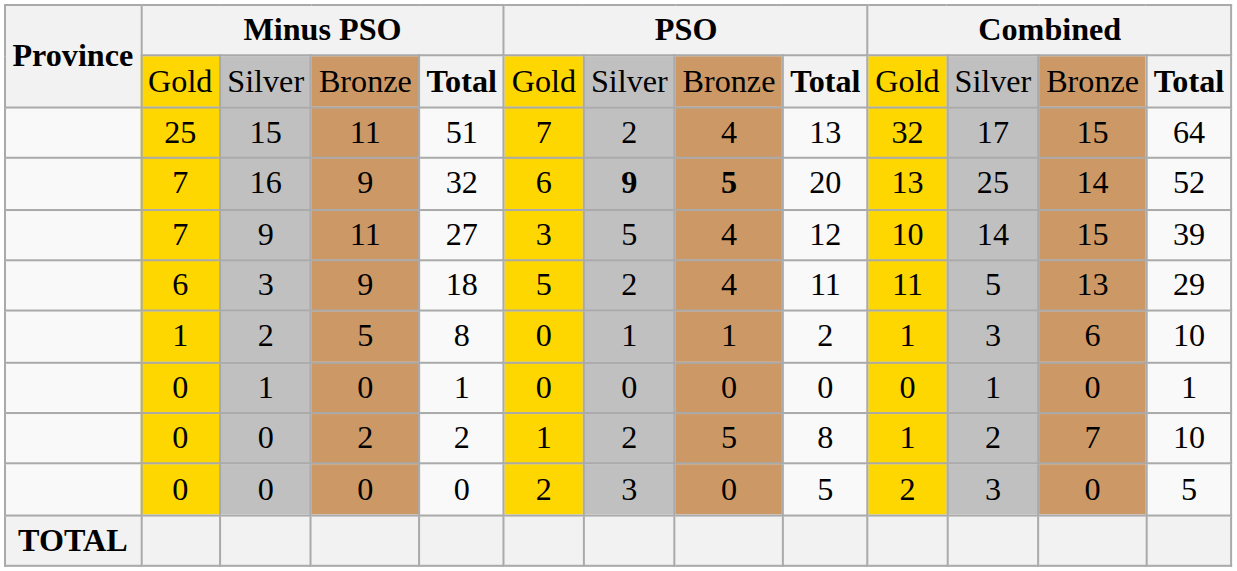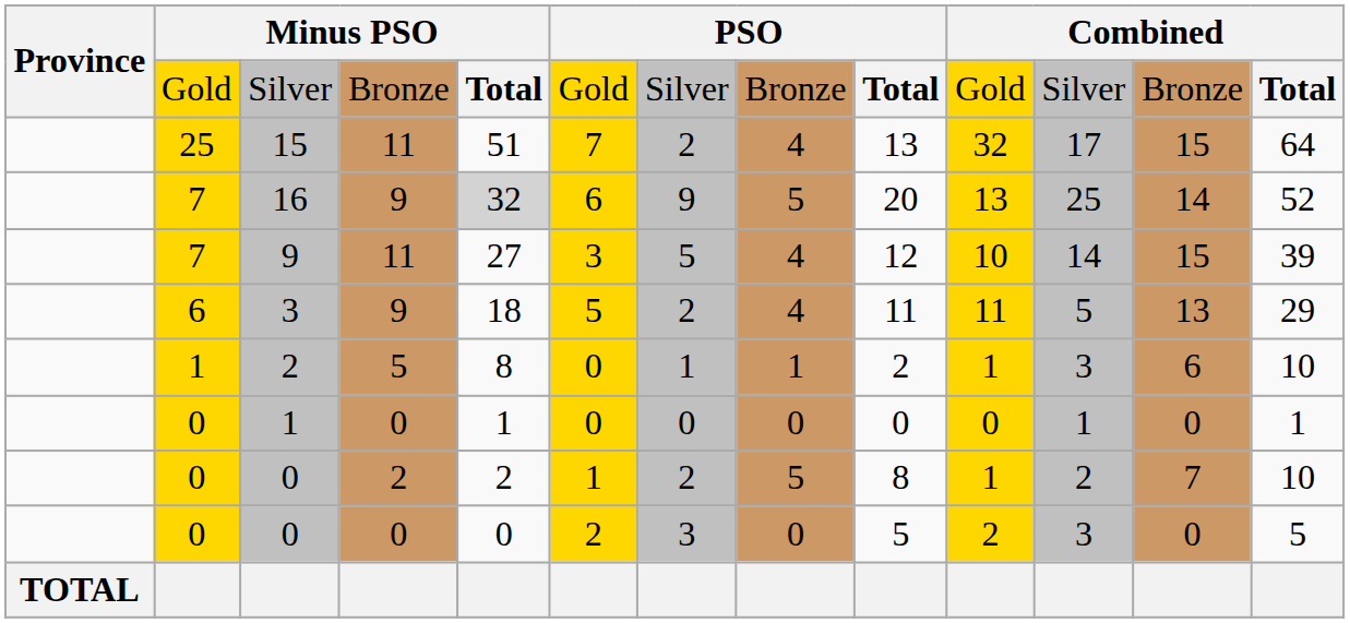 <table class="wikitable" style="text-align:center; font-size:100%">
 <tr>
 <th rowspan=2>Province</th>
 <th colspan=4>Minus PSO</th>
 <th colspan=4>PSO</th>
 <th colspan=4>Combined</th>
 </tr>
 <tr>
 <td bgcolor=gold>Gold</td>
 <td bgcolor=silver>Silver</td>
 <td bgcolor=CC9966>Bronze</td>
 <th>Total</th>
 <td bgcolor=gold>Gold</td>
 <td bgcolor=silver>Silver</td>
 <td bgcolor=CC9966>Bronze</td>
 <th>Total</th>
 <td bgcolor=gold>Gold</td>
 <td bgcolor=silver>Silver</td>
 <td bgcolor=CC9966>Bronze</td>
 <th>Total</th>
 </tr>
 <tr>
 <td></td>
 <td bgcolor=gold>25</td>
 <td bgcolor=silver>15</td>
 <td bgcolor=CC9966>11</td>
 <td>51</td>
 <td bgcolor=gold>7</td>
 <td bgcolor=silver>2</td>
 <td bgcolor=CC9966>4</td>
 <td>13</td>
 <td bgcolor=gold>32</td>
 <td bgcolor=silver>17</td>
 <td bgcolor=CC9966>15</td>
 <td>64</td>
 </tr>
 <tr>
 <td></td>
 <td bgcolor=gold>7</td>
 <td bgcolor=silver>16</td>
 <td bgcolor=CC9966>9</td>
-<td>32</td>
+<td style="background: lightgrey;">32</td>
 <td bgcolor=gold>6</td>
-<td bgcolor=silver><strong>9</strong></td>
-<td bgcolor=CC9966><strong>5</strong></td>
+<td bgcolor=silver>9</td>
+<td bgcolor=CC9966>5</td>
 <td>20</td>
 <td bgcolor=gold>13</td>
 <td bgcolor=silver>25</td>
 <td bgcolor=CC9966>14</td>
 <td>52</td>
 </tr>
 <tr>
 <td></td>
 <td bgcolor=gold>7</td>
 <td bgcolor=silver>9</td>
 <td bgcolor=CC9966>11</td>
 <td>27</td>
 <td bgcolor=gold>3</td>
 <td bgcolor=silver>5</td>
 <td bgcolor=CC9966>4</td>
 <td>12</td>
 <td bgcolor=gold>10</td>
 <td bgcolor=silver>14</td>
 <td bgcolor=CC9966>15</td>
 <td>39</td>
 </tr>
 <tr>
 <td></td>
 <td bgcolor=gold>6</td>
 <td bgcolor=silver>3</td>
 <td bgcolor=CC9966>9</td>
 <td>18</td>
 <td bgcolor=gold>5</td>
 <td bgcolor=silver>2</td>
 <td bgcolor=CC9966>4</td>
 <td>11</td>
 <td bgcolor=gold>11</td>
 <td bgcolor=silver>5</td>
 <td bgcolor=CC9966>13</td>
 <td>29</td>
 </tr>
 <tr>
 <td></td>
 <td bgcolor=gold>1</td>
 <td bgcolor=silver>2</td>
 <td bgcolor=CC9966>5</td>
 <td>8</td>
 <td bgcolor=gold>0</td>
 <td bgcolor=silver>1</td>
 <td bgcolor=CC9966>1</td>
 <td>2</td>
 <td bgcolor=gold>1</td>
 <td bgcolor=silver>3</td>
 <td bgcolor=CC9966>6</td>
 <td>10</td>
 </tr>
 <tr>
 <td></td>
 <td bgcolor=gold>0</td>
 <td bgcolor=silver>1</td>
 <td bgcolor=CC9966>0</td>
 <td>1</td>
 <td bgcolor=gold>0</td>
 <td bgcolor=silver>0</td>
 <td bgcolor=CC9966>0</td>
 <td>0</td>
 <td bgcolor=gold>0</td>
 <td bgcolor=silver>1</td>
 <td bgcolor=CC9966>0</td>
 <td>1</td>
 </tr>
 <tr>
 <td></td>
 <td bgcolor=gold>0</td>
 <td bgcolor=silver>0</td>
 <td bgcolor=CC9966>2</td>
 <td>2</td>
 <td bgcolor=gold>1</td>
 <td bgcolor=silver>2</td>
 <td bgcolor=CC9966>5</td>
 <td>8</td>
 <td bgcolor=gold>1</td>
 <td bgcolor=silver>2</td>
 <td bgcolor=CC9966>7</td>
 <td>10</td>
 </tr>
 <tr>
 <td></td>
 <td bgcolor=gold>0</td>
 <td bgcolor=silver>0</td>
 <td bgcolor=CC9966>0</td>
 <td>0</td>
 <td bgcolor=gold>2</td>
 <td bgcolor=silver>3</td>
 <td bgcolor=CC9966>0</td>
 <td>5</td>
 <td bgcolor=gold>2</td>
 <td bgcolor=silver>3</td>
 <td bgcolor=CC9966>0</td>
 <td>5</td>
 </tr>
 <tr>
 <th>TOTAL</th>
 <th></th>
 <th></th>
 <th></th>
 <th></th>
 <th></th>
 <th></th>
 <th></th>
 <th></th>
 <th></th>
 <th></th>
 <th></th>
 <th></th>
 </tr>
 </table>
